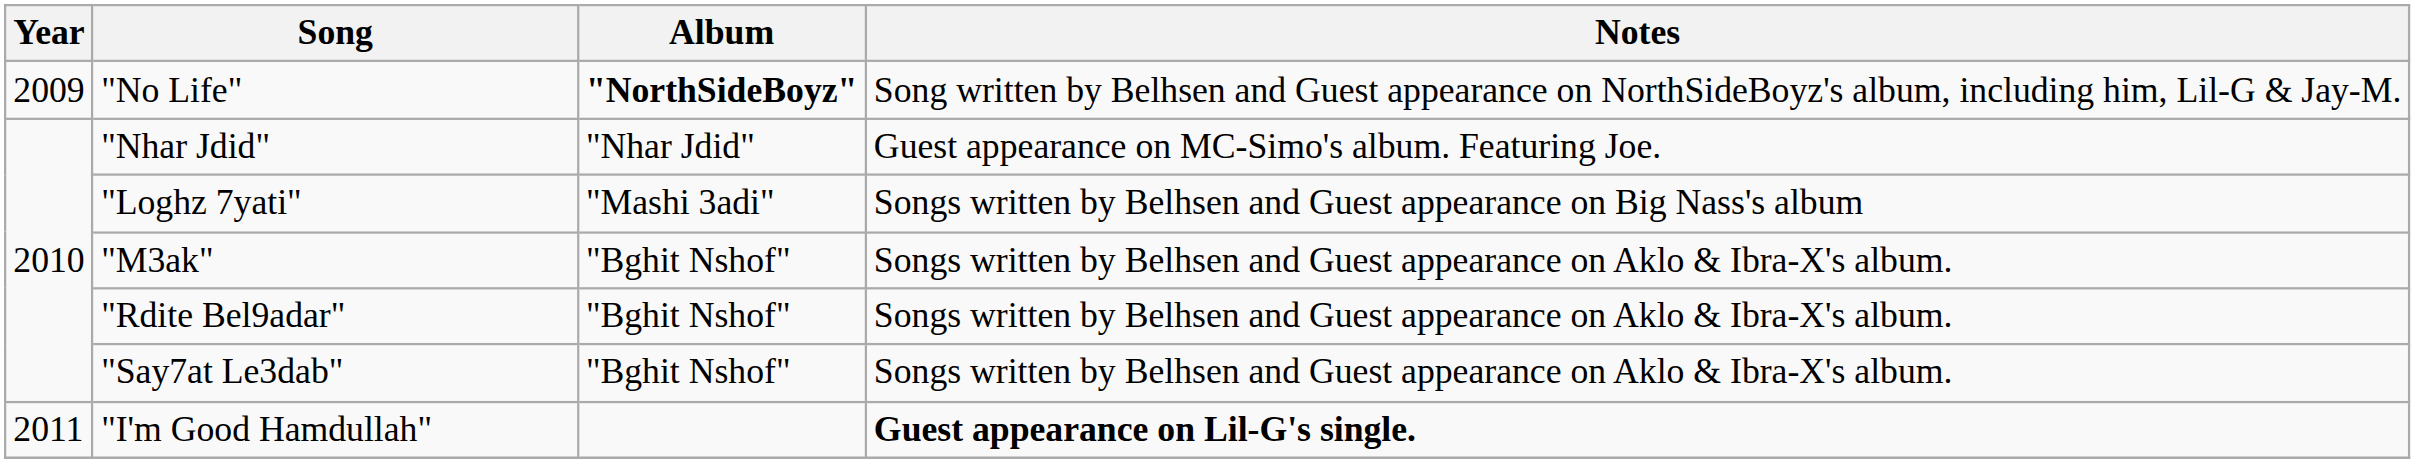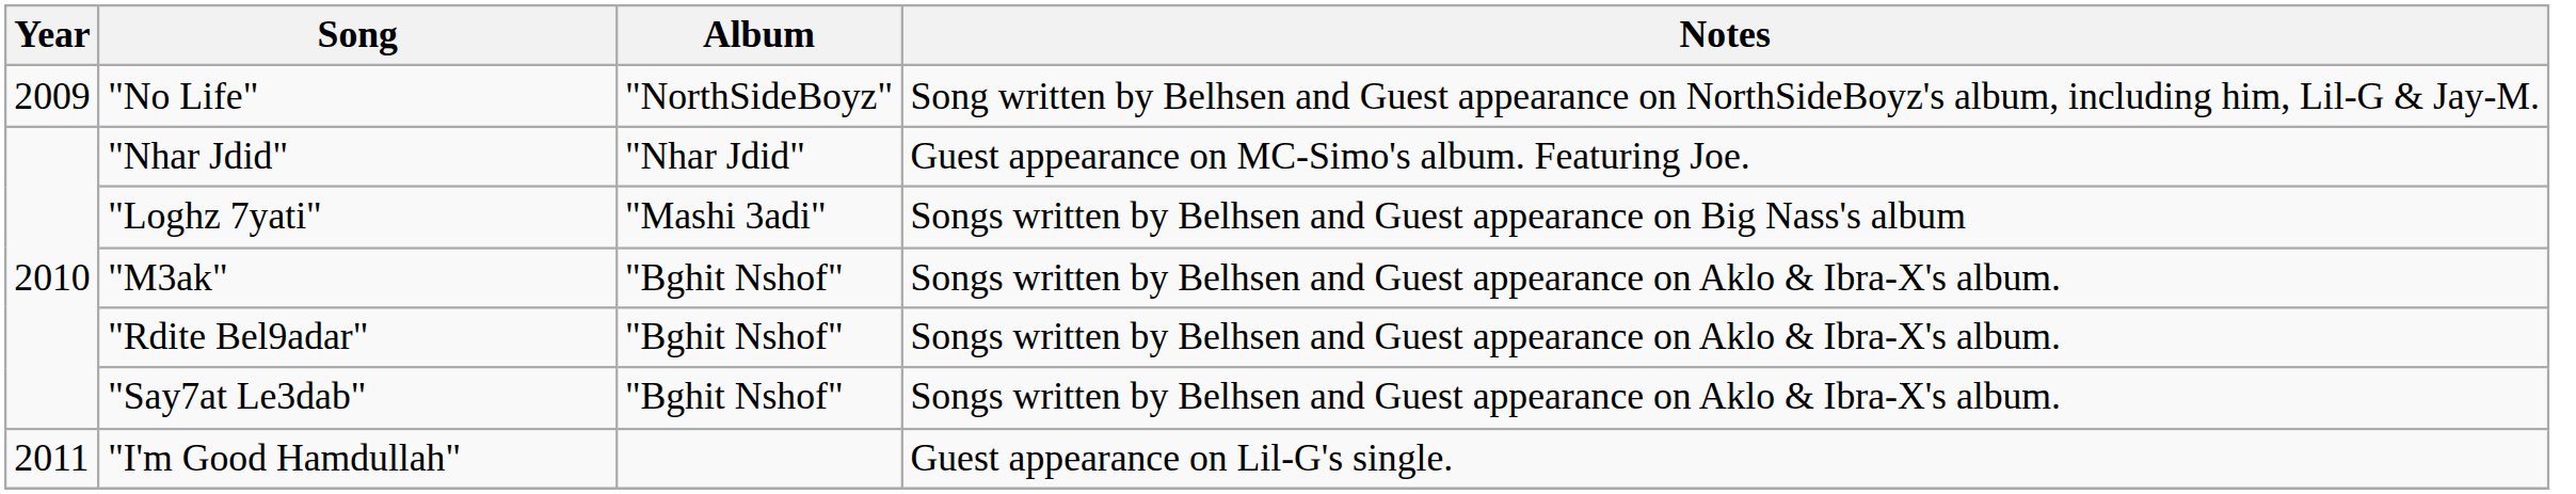 <table class="wikitable">
 <tr>
 <th>Year</th>
 <th width="210">Song</th>
 <th>Album</th>
 <th>Notes</th>
 </tr>
 <tr>
 <td rowspan="1">2009</td>
 <td>"No Life"</td>
-<td><strong>"NorthSideBoyz"</strong></td>
+<td>"NorthSideBoyz"</td>
 <td>Song written by Belhsen and Guest appearance on NorthSideBoyz's album, including him, Lil-G & Jay-M.</td>
 </tr>
 <tr>
 <td rowspan="5">2010</td>
 <td>"Nhar Jdid"</td>
 <td>"Nhar Jdid"</td>
 <td>Guest appearance on MC-Simo's album. Featuring Joe.</td>
 </tr>
 <tr>
 <td>"Loghz 7yati"</td>
 <td>"Mashi 3adi"</td>
 <td>Songs written by Belhsen and Guest appearance on Big Nass's album</td>
 </tr>
 <tr>
 <td>"M3ak"</td>
 <td>"Bghit Nshof"</td>
 <td>Songs written by Belhsen and Guest appearance on Aklo & Ibra-X's album.</td>
 </tr>
 <tr>
 <td>"Rdite Bel9adar"</td>
 <td>"Bghit Nshof"</td>
 <td>Songs written by Belhsen and Guest appearance on Aklo & Ibra-X's album.</td>
 </tr>
 <tr>
 <td>"Say7at Le3dab"</td>
 <td>"Bghit Nshof"</td>
 <td>Songs written by Belhsen and Guest appearance on Aklo & Ibra-X's album.</td>
 </tr>
 <tr>
 <td rowspan="1">2011</td>
 <td>"I'm Good Hamdullah"</td>
 <td></td>
-<td><strong>Guest appearance on Lil-G's single.</strong></td>
+<td>Guest appearance on Lil-G's single.</td>
 </tr>
 <tr>
 </tr>
 </table>
